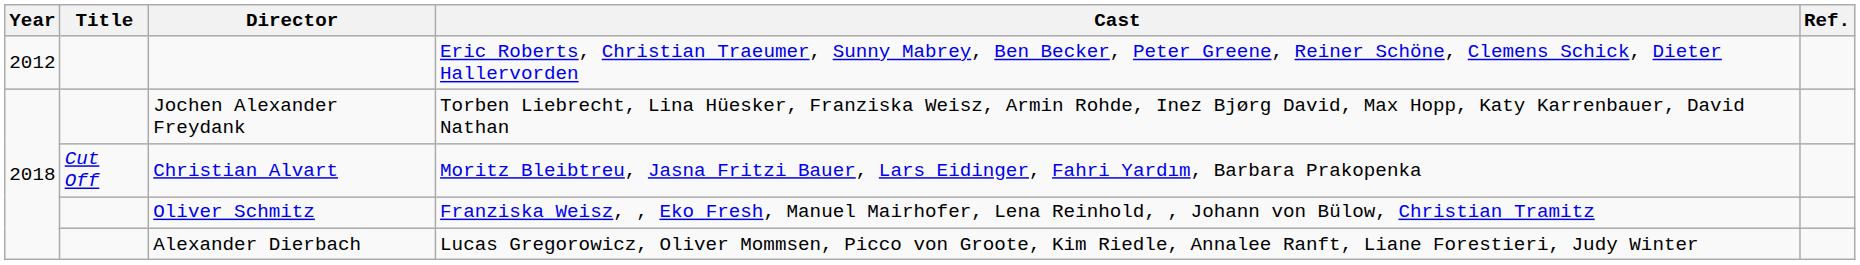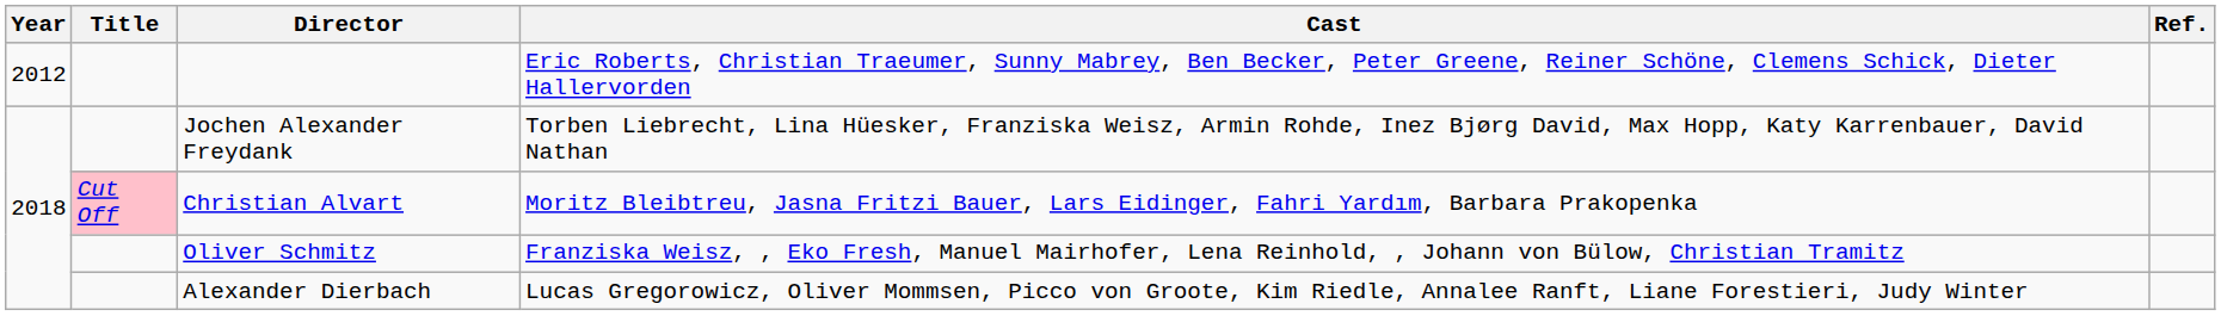 <table class="wikitable sortable">
 <tr>
 <th>Year</th>
 <th>Title</th>
 <th>Director</th>
 <th>Cast</th>
 <th>Ref.</th>
 </tr>
 <tr>
 <td>2012</td>
 <td><em></em></td>
 <td></td>
 <td><a href='#'>Eric Roberts</a>, <a href='#'>Christian Traeumer</a>, <a href='#'>Sunny Mabrey</a>, <a href='#'>Ben Becker</a>, <a href='#'>Peter Greene</a>, <a href='#'>Reiner Schöne</a>, <a href='#'>Clemens Schick</a>, <a href='#'>Dieter Hallervorden</a></td>
 <td></td>
 </tr>
 <tr>
 <td rowspan="4">2018</td>
 <td></td>
 <td>Jochen Alexander Freydank</td>
 <td>Torben Liebrecht, Lina Hüesker, Franziska Weisz, Armin Rohde, Inez Bjørg David, Max Hopp, Katy Karrenbauer, David Nathan</td>
 <td></td>
 </tr>
 <tr>
-<td><em><a href='#'>Cut Off</a></em></td>
+<td style="background: pink;"><em><a href='#'>Cut Off</a></em></td>
 <td><a href='#'>Christian Alvart</a></td>
 <td><a href='#'>Moritz Bleibtreu</a>, <a href='#'>Jasna Fritzi Bauer</a>, <a href='#'>Lars Eidinger</a>, <a href='#'>Fahri Yardım</a>, Barbara Prakopenka</td>
 <td></td>
 </tr>
 <tr>
 <td><em></em></td>
 <td><a href='#'>Oliver Schmitz</a></td>
 <td><a href='#'>Franziska Weisz</a>, , <a href='#'>Eko Fresh</a>, Manuel Mairhofer, Lena Reinhold, , Johann von Bülow, <a href='#'>Christian Tramitz</a></td>
 <td></td>
 </tr>
 <tr>
 <td></td>
 <td>Alexander Dierbach</td>
 <td>Lucas Gregorowicz, Oliver Mommsen, Picco von Groote, Kim Riedle, Annalee Ranft, Liane Forestieri, Judy Winter</td>
 <td></td>
 </tr>
 </table>
